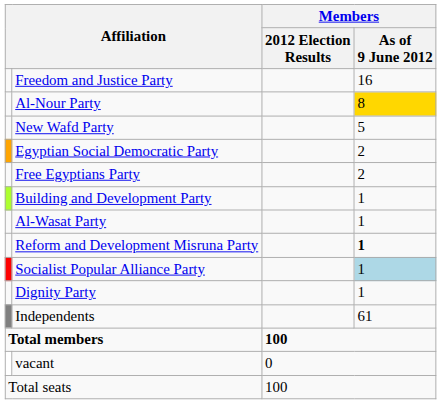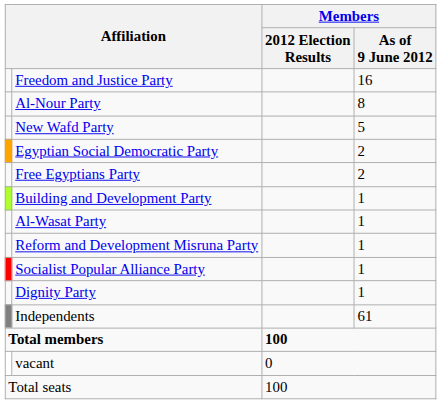 <table class="wikitable" style="margin:1em auto;">
 <tr>
 <th colspan=2 rowspan=2>Affiliation</th>
 <th colspan=2><a href='#'>Members</a></th>
 </tr>
 <tr>
 <th>2012 Election<br>Results</th>
 <th>As of <br>9 June 2012</th>
 </tr>
 <tr>
 <td></td>
 <td><a href='#'>Freedom and Justice Party</a></td>
 <td colspan=1></td>
 <td>16</td>
 </tr>
 <tr>
 <td></td>
 <td><a href='#'>Al-Nour Party</a></td>
 <td colspan=1></td>
-<td style="background: gold;">8</td>
+<td>8</td>
 </tr>
 <tr>
 <td></td>
 <td><a href='#'>New Wafd Party</a></td>
 <td colspan=1></td>
 <td>5</td>
 </tr>
 <tr>
 <td bgcolor="orange"></td>
 <td><a href='#'>Egyptian Social Democratic Party</a></td>
 <td colspan=1></td>
 <td>2</td>
 </tr>
 <tr>
 <td></td>
 <td><a href='#'>Free Egyptians Party</a></td>
 <td colspan=1></td>
 <td>2</td>
 </tr>
 <tr>
 <td style="color:inherit;background:#ADFF2F"></td>
 <td><a href='#'>Building and Development Party</a></td>
 <td colspan=1></td>
 <td>1</td>
 </tr>
 <tr>
 <td></td>
 <td><a href='#'>Al-Wasat Party</a></td>
 <td colspan=1></td>
 <td>1</td>
 </tr>
 <tr>
 <td></td>
 <td><a href='#'>Reform and Development Misruna Party</a></td>
 <td colspan=1></td>
-<td><strong>1</strong></td>
+<td>1</td>
 </tr>
 <tr>
 <td style="color:inherit;background:#FF0000"></td>
 <td><a href='#'>Socialist Popular Alliance Party</a></td>
 <td colspan=1></td>
-<td style="background: lightblue;">1</td>
+<td>1</td>
 </tr>
 <tr>
 <td></td>
 <td><a href='#'>Dignity Party</a></td>
 <td colspan=1></td>
 <td>1</td>
 </tr>
 <tr>
 <td bgcolor="gray"></td>
 <td>Independents</td>
 <td colspan=1></td>
 <td>61</td>
 </tr>
 <tr>
 <td colspan=2><strong>Total members</strong></td>
 <td colspan=2><strong>100</strong></td>
 </tr>
 <tr>
 <td bgcolor="white"></td>
 <td>vacant</td>
 <td colspan=2>0</td>
 </tr>
 <tr>
 <td colspan=2>Total seats</td>
 <td colspan=2>100</td>
 </tr>
 </table>
